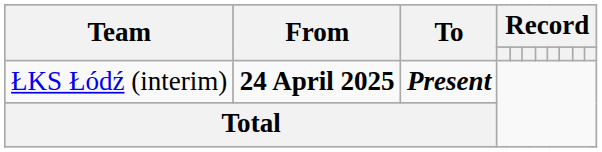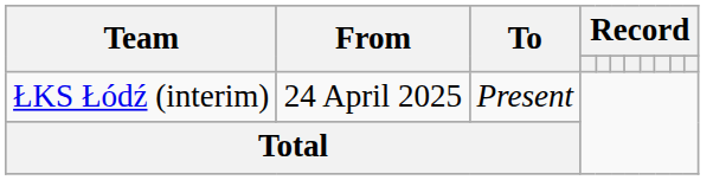 <table class=wikitable style=text-align:center>
 <tr>
 <th rowspan=2>Team</th>
 <th rowspan=2>From</th>
 <th rowspan=2>To</th>
 <th colspan=8>Record</th>
 </tr>
 <tr>
 <th></th>
 <th></th>
 <th></th>
 <th></th>
 <th></th>
 <th></th>
 <th></th>
 <th></th>
 </tr>
 <tr>
 <td align=left><a href='#'>ŁKS Łódź</a> (interim)</td>
-<td align=left><strong>24 April 2025</strong></td>
-<td align=left><strong><em>Present</em><br></strong></td>
+<td align=left>24 April 2025</td>
+<td align=left><em>Present</em><br></td>
 </tr>
 <tr>
 <th colspan=3>Total<br></th>
 </tr>
 </table>
